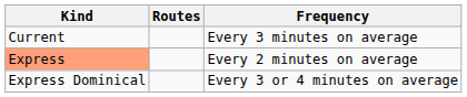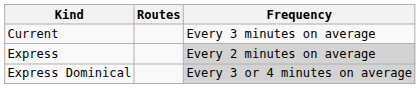 <table class="wikitable" style="margin:1em auto;">
 <tr>
 <th>Kind</th>
 <th>Routes</th>
 <th>Frequency</th>
 </tr>
 <tr>
 <td>Current</td>
 <td>   </td>
 <td>Every 3 minutes on average</td>
 </tr>
 <tr>
-<td style="background: lightsalmon;">Express</td>
+<td>Express</td>
 <td>   </td>
-<td>Every 2 minutes on average</td>
+<td style="background: lightgrey;">Every 2 minutes on average</td>
 </tr>
 <tr>
 <td>Express Dominical</td>
 <td> </td>
-<td>Every 3 or 4 minutes on average</td>
+<td style="background: lightgrey;">Every 3 or 4 minutes on average</td>
 </tr>
 </table>
